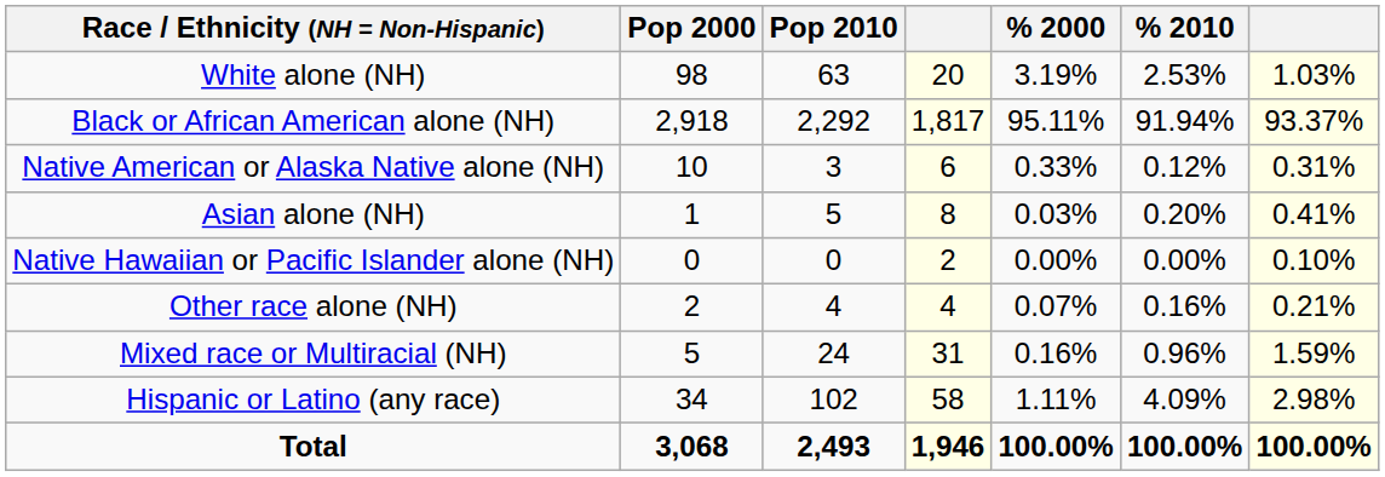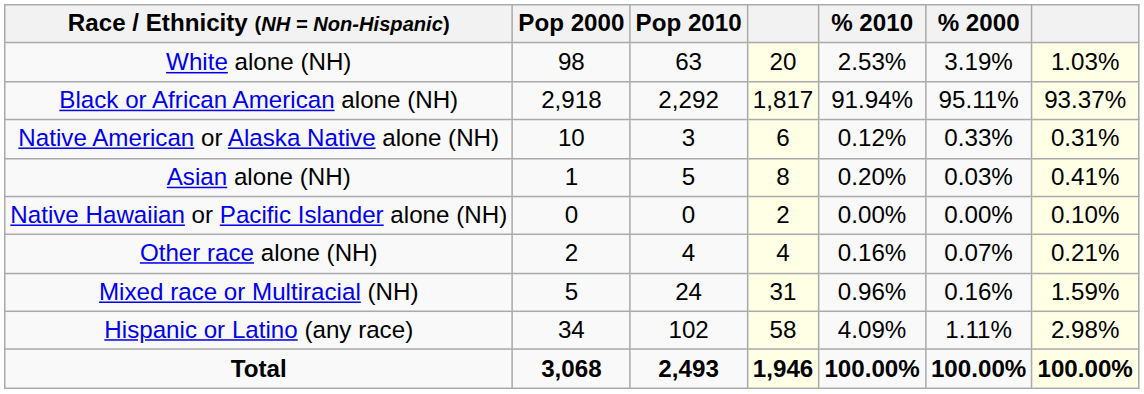 <table class="wikitable" style="text-align:center;">
 <tr>
 <th>Race / Ethnicity <small>(<em>NH = Non-Hispanic</em>)</small></th>
 <th>Pop 2000</th>
 <th>Pop 2010</th>
 <th></th>
+<th>% 2010</th>
 <th>% 2000</th>
-<th>% 2010</th>
 <th></th>
 </tr>
 <tr>
 <td><a href='#'>White</a> alone (NH)</td>
 <td>98</td>
 <td>63</td>
 <td style='background: #ffffe6;'>20</td>
+<td>2.53%</td>
 <td>3.19%</td>
-<td>2.53%</td>
 <td style='background: #ffffe6;'>1.03%</td>
 </tr>
 <tr>
 <td><a href='#'>Black or African American</a> alone (NH)</td>
 <td>2,918</td>
 <td>2,292</td>
 <td style='background: #ffffe6;'>1,817</td>
+<td>91.94%</td>
 <td>95.11%</td>
-<td>91.94%</td>
 <td style='background: #ffffe6;'>93.37%</td>
 </tr>
 <tr>
 <td><a href='#'>Native American</a> or <a href='#'>Alaska Native</a> alone (NH)</td>
 <td>10</td>
 <td>3</td>
 <td style='background: #ffffe6;'>6</td>
+<td>0.12%</td>
 <td>0.33%</td>
-<td>0.12%</td>
 <td style='background: #ffffe6;'>0.31%</td>
 </tr>
 <tr>
 <td><a href='#'>Asian</a> alone (NH)</td>
 <td>1</td>
 <td>5</td>
 <td style='background: #ffffe6;'>8</td>
+<td>0.20%</td>
 <td>0.03%</td>
-<td>0.20%</td>
 <td style='background: #ffffe6;'>0.41%</td>
 </tr>
 <tr>
 <td><a href='#'>Native Hawaiian</a> or <a href='#'>Pacific Islander</a> alone (NH)</td>
 <td>0</td>
 <td>0</td>
 <td style='background: #ffffe6;'>2</td>
 <td>0.00%</td>
 <td>0.00%</td>
 <td style='background: #ffffe6;'>0.10%</td>
 </tr>
 <tr>
 <td><a href='#'>Other race</a> alone (NH)</td>
 <td>2</td>
 <td>4</td>
 <td style='background: #ffffe6;'>4</td>
+<td>0.16%</td>
 <td>0.07%</td>
-<td>0.16%</td>
 <td style='background: #ffffe6;'>0.21%</td>
 </tr>
 <tr>
 <td><a href='#'>Mixed race or Multiracial</a> (NH)</td>
 <td>5</td>
 <td>24</td>
 <td style='background: #ffffe6;'>31</td>
+<td>0.96%</td>
 <td>0.16%</td>
-<td>0.96%</td>
 <td style='background: #ffffe6;'>1.59%</td>
 </tr>
 <tr>
 <td><a href='#'>Hispanic or Latino</a> (any race)</td>
 <td>34</td>
 <td>102</td>
 <td style='background: #ffffe6;'>58</td>
+<td>4.09%</td>
 <td>1.11%</td>
-<td>4.09%</td>
 <td style='background: #ffffe6;'>2.98%</td>
 </tr>
 <tr>
 <td><strong>Total</strong></td>
 <td><strong>3,068</strong></td>
 <td><strong>2,493</strong></td>
 <td style='background: #ffffe6;'><strong>1,946</strong></td>
 <td><strong>100.00%</strong></td>
 <td><strong>100.00%</strong></td>
 <td style='background: #ffffe6;'><strong>100.00%</strong></td>
 </tr>
 </table>
